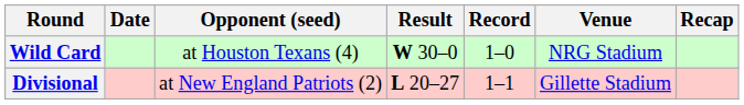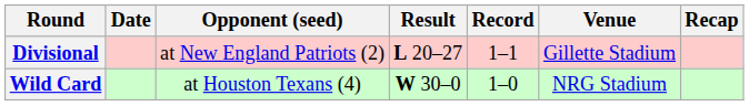 <table class="wikitable" style="text-align:center">
 <tr>
 <th>Round</th>
 <th>Date</th>
 <th>Opponent (seed)</th>
 <th>Result</th>
 <th>Record</th>
 <th>Venue</th>
 <th>Recap</th>
 </tr>
+<tr style="background:#fcc">
+<th><a href='#'>Divisional</a></th>
+<td></td>
+<td>at <a href='#'>New England Patriots</a> (2)</td>
+<td><strong>L</strong> 20–27</td>
+<td>1–1</td>
+<td><a href='#'>Gillette Stadium</a></td>
+<td></td>
+</tr>
 <tr style="background:#cfc">
 <th><a href='#'>Wild Card</a></th>
 <td></td>
 <td>at <a href='#'>Houston Texans</a> (4)</td>
 <td><strong>W</strong> 30–0</td>
 <td>1–0</td>
 <td><a href='#'>NRG Stadium</a></td>
 <td></td>
 </tr>
-<tr style="background:#fcc">
-<th><a href='#'>Divisional</a></th>
-<td></td>
-<td>at <a href='#'>New England Patriots</a> (2)</td>
-<td><strong>L</strong> 20–27</td>
-<td>1–1</td>
-<td><a href='#'>Gillette Stadium</a></td>
-<td></td>
-</tr>
 </table>
